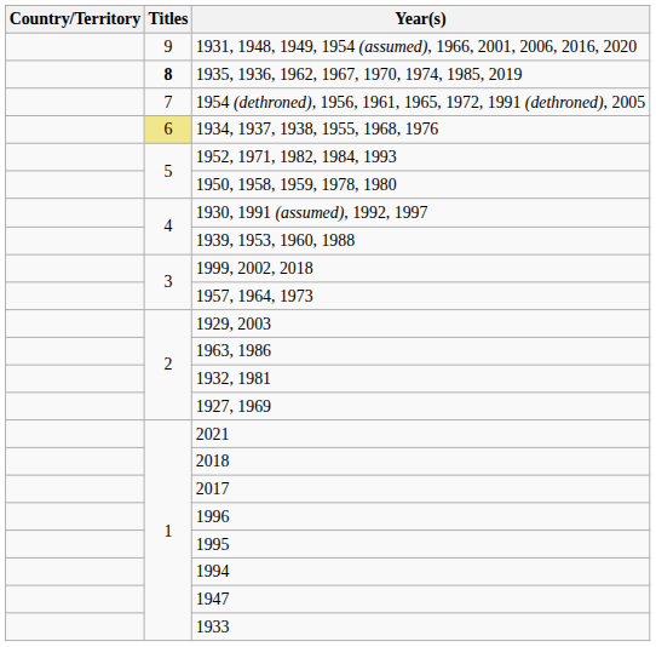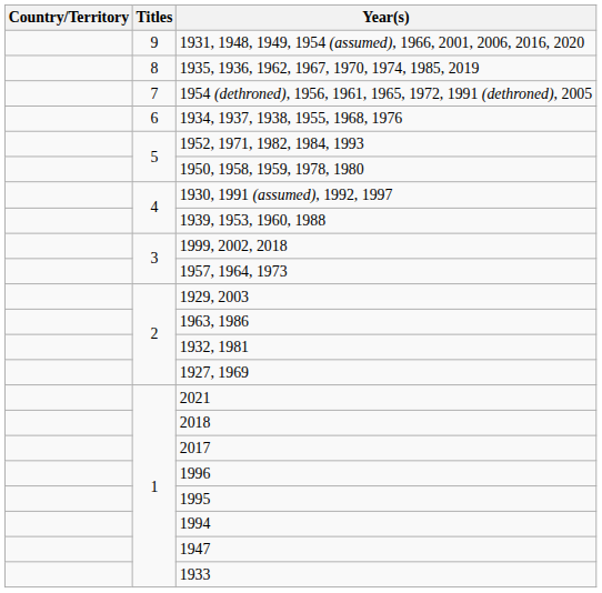 <table class="wikitable sortable" style="font-size:95%;">
 <tr>
 <th>Country/Territory</th>
 <th>Titles</th>
 <th>Year(s)</th>
 </tr>
 <tr>
 <td><strong></strong></td>
 <td style="text-align:center;">9</td>
 <td>1931, 1948, 1949, 1954 <em>(assumed)</em>, 1966, 2001, 2006, 2016, 2020</td>
 </tr>
 <tr>
 <td><strong></strong></td>
-<td style="text-align:center;"><strong>8</strong></td>
+<td style="text-align:center;">8</td>
 <td>1935, 1936, 1962, 1967, 1970, 1974, 1985, 2019</td>
 </tr>
 <tr>
 <td><strong></strong></td>
 <td style="text-align:center;">7</td>
 <td>1954 <em>(dethroned)</em>, 1956, 1961, 1965, 1972, 1991 <em>(dethroned)</em>, 2005</td>
 </tr>
 <tr>
 <td><strong></strong></td>
-<td style="background: khaki; text-align:center;">6</td>
+<td style="text-align:center;">6</td>
 <td>1934, 1937, 1938, 1955, 1968, 1976</td>
 </tr>
 <tr>
 <td><strong></strong></td>
 <td rowspan="2" style="text-align:center;">5</td>
 <td>1952, 1971, 1982, 1984, 1993</td>
 </tr>
 <tr>
 <td><strong></strong></td>
 <td>1950, 1958, 1959, 1978, 1980</td>
 </tr>
 <tr>
 <td><strong></strong></td>
 <td rowspan="2" style="text-align:center;">4</td>
 <td>1930, 1991 <em>(assumed)</em>, 1992, 1997</td>
 </tr>
 <tr>
 <td><strong></strong></td>
 <td>1939, 1953, 1960, 1988</td>
 </tr>
 <tr>
 <td><strong></strong></td>
 <td rowspan="2" style="text-align:center;">3</td>
 <td>1999, 2002, 2018</td>
 </tr>
 <tr>
 <td><strong></strong></td>
 <td>1957, 1964, 1973</td>
 </tr>
 <tr>
 <td><strong></strong></td>
 <td rowspan="4" style="text-align:center;">2</td>
 <td>1929, 2003</td>
 </tr>
 <tr>
 <td><strong></strong></td>
 <td>1963, 1986</td>
 </tr>
 <tr>
 <td><strong></strong></td>
 <td>1932, 1981</td>
 </tr>
 <tr>
 <td><strong></strong></td>
 <td>1927, 1969</td>
 </tr>
 <tr>
 <td><strong></strong></td>
 <td rowspan="20" style="text-align:center;">1</td>
 <td>2021</td>
 </tr>
 <tr>
 <td><strong></strong></td>
 <td>2018</td>
 </tr>
 <tr>
 <td><strong></strong></td>
 <td>2017</td>
 </tr>
 <tr>
 <td><strong></strong></td>
 <td>1996</td>
 </tr>
 <tr>
 <td><strong></strong></td>
 <td>1995</td>
 </tr>
 <tr>
 <td><strong></strong></td>
 <td>1994</td>
 </tr>
 <tr>
 <td><strong></strong></td>
 <td>1947</td>
 </tr>
 <tr>
 <td><strong></strong></td>
 <td>1933</td>
 </tr>
 </table>
